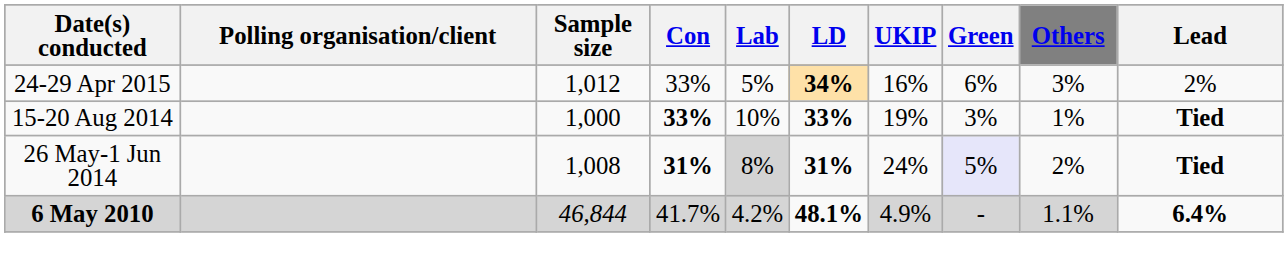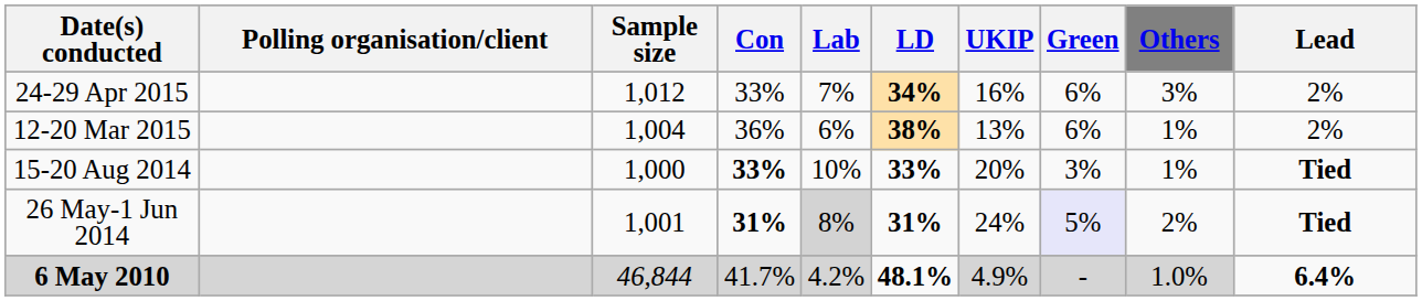 <table class="wikitable sortable" style="text-align:center;font-size:90%;line-height:14px">
 <tr>
 <th ! style="width:95px;">Date(s)<br>conducted</th>
 <th style="width:200px;">Polling organisation/client</th>
 <th class="unsortable" style="width:60px;">Sample size</th>
 <th class="unsortable" style="background:"><a href='#'><span>Con</span></a></th>
 <th class="unsortable" style="background:"><a href='#'><span>Lab</span></a></th>
 <th class="unsortable" style="background:"><a href='#'><span>LD</span></a></th>
 <th class="unsortable" style="background:"><a href='#'><span>UKIP</span></a></th>
 <th class="unsortable" style="background:"><a href='#'><span>Green</span></a></th>
 <th class="unsortable" style="background:gray; width:50px;"><a href='#'><span>Others</span></a></th>
 <th class="unsortable" style="width:90px;">Lead</th>
 </tr>
 <tr>
 <td>24-29 Apr 2015</td>
 <td> </td>
 <td>1,012</td>
 <td>33%</td>
-<td>5%</td>
+<td>7%</td>
 <td style="background:#FEE1A8"><strong>34%</strong></td>
 <td>16%</td>
 <td>6%</td>
 <td>3%</td>
+<td style="background:">2%</td>
+</tr>
+<tr>
+<td>12-20 Mar 2015</td>
+<td> </td>
+<td>1,004</td>
+<td>36%</td>
+<td>6%</td>
+<td style="background:#FEE1A8"><strong>38%</strong></td>
+<td>13%</td>
+<td>6%</td>
+<td>1%</td>
 <td style="background:">2%</td>
 </tr>
 <tr>
 <td>15-20 Aug 2014</td>
 <td> </td>
 <td>1,000</td>
 <td><strong>33%</strong></td>
 <td>10%</td>
 <td><strong>33%</strong></td>
-<td>19%</td>
+<td>20%</td>
 <td>3%</td>
 <td>1%</td>
 <td><strong>Tied</strong></td>
 </tr>
 <tr>
 <td>26 May-1 Jun 2014</td>
 <td> </td>
-<td>1,008</td>
+<td>1,001</td>
 <td><strong>31%</strong></td>
 <td style="background: lightgrey;">8%</td>
 <td><strong>31%</strong></td>
 <td>24%</td>
 <td style="background: lavender;">5%</td>
 <td>2%</td>
 <td><strong>Tied</strong></td>
 </tr>
 <tr>
 <td style="background:#D5D5D5"><strong>6 May 2010</strong></td>
 <td style="background:#D5D5D5"></td>
 <td style="background:#D5D5D5"><em>46,844</em></td>
 <td style="background:#D5D5D5">41.7%</td>
 <td style="background:#D5D5D5">4.2%</td>
 <td style="background:"><strong>48.1%</strong></td>
 <td style="background:#D5D5D5">4.9%</td>
 <td style="background:#D5D5D5">-</td>
-<td style="background:#D5D5D5">1.1%</td>
+<td style="background:#D5D5D5">1.0%</td>
 <td style="background:"><strong>6.4% </strong></td>
 </tr>
 </table>
